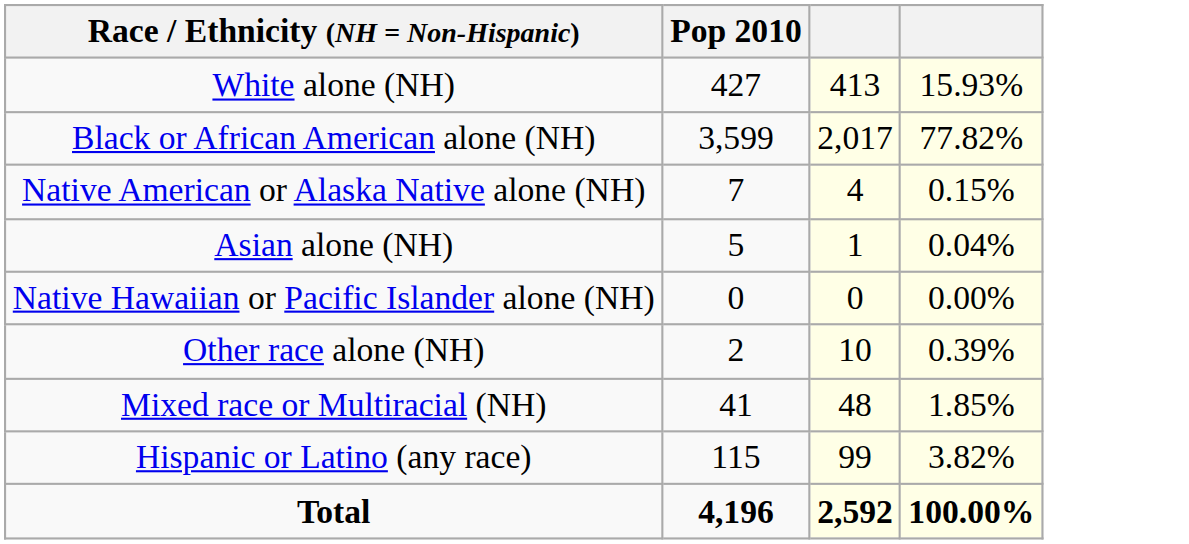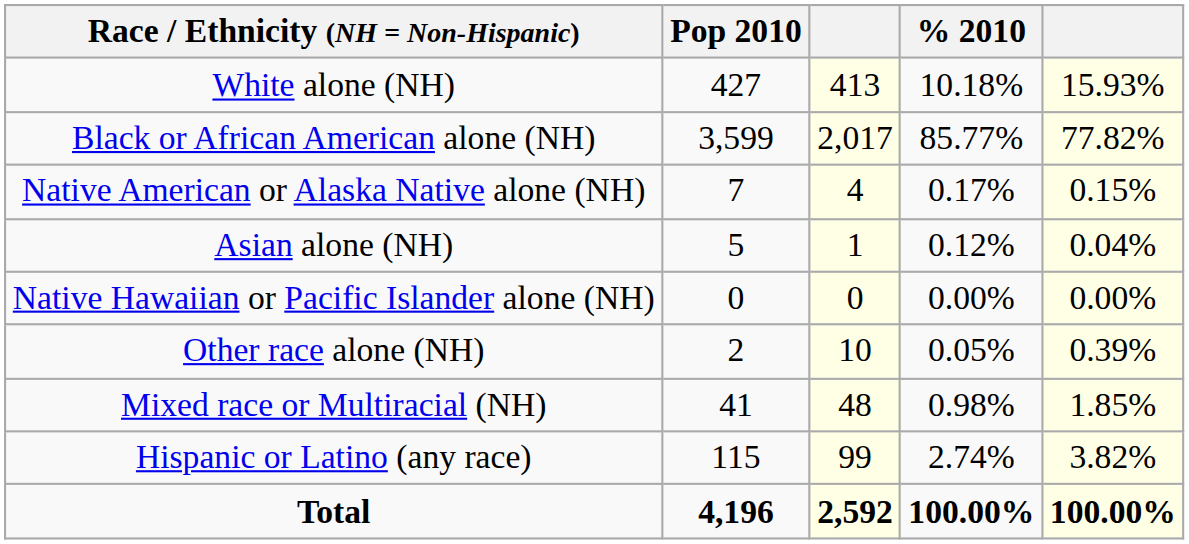 <table class="wikitable" style="text-align:center;">
 <tr>
 <th>Race / Ethnicity <small>(<em>NH = Non-Hispanic</em>)</small></th>
 <th>Pop 2010</th>
 <th></th>
+<th>% 2010</th>
 <th></th>
 </tr>
 <tr>
 <td><a href='#'>White</a> alone (NH)</td>
 <td>427</td>
 <td style='background: #ffffe6;'>413</td>
+<td>10.18%</td>
 <td style='background: #ffffe6;'>15.93%</td>
 </tr>
 <tr>
 <td><a href='#'>Black or African American</a> alone (NH)</td>
 <td>3,599</td>
 <td style='background: #ffffe6;'>2,017</td>
+<td>85.77%</td>
 <td style='background: #ffffe6;'>77.82%</td>
 </tr>
 <tr>
 <td><a href='#'>Native American</a> or <a href='#'>Alaska Native</a> alone (NH)</td>
 <td>7</td>
 <td style='background: #ffffe6;'>4</td>
+<td>0.17%</td>
 <td style='background: #ffffe6;'>0.15%</td>
 </tr>
 <tr>
 <td><a href='#'>Asian</a> alone (NH)</td>
 <td>5</td>
 <td style='background: #ffffe6;'>1</td>
+<td>0.12%</td>
 <td style='background: #ffffe6;'>0.04%</td>
 </tr>
 <tr>
 <td><a href='#'>Native Hawaiian</a> or <a href='#'>Pacific Islander</a> alone (NH)</td>
 <td>0</td>
 <td style='background: #ffffe6;'>0</td>
+<td>0.00%</td>
 <td style='background: #ffffe6;'>0.00%</td>
 </tr>
 <tr>
 <td><a href='#'>Other race</a> alone (NH)</td>
 <td>2</td>
 <td style='background: #ffffe6;'>10</td>
+<td>0.05%</td>
 <td style='background: #ffffe6;'>0.39%</td>
 </tr>
 <tr>
 <td><a href='#'>Mixed race or Multiracial</a> (NH)</td>
 <td>41</td>
 <td style='background: #ffffe6;'>48</td>
+<td>0.98%</td>
 <td style='background: #ffffe6;'>1.85%</td>
 </tr>
 <tr>
 <td><a href='#'>Hispanic or Latino</a> (any race)</td>
 <td>115</td>
 <td style='background: #ffffe6;'>99</td>
+<td>2.74%</td>
 <td style='background: #ffffe6;'>3.82%</td>
 </tr>
 <tr>
 <td><strong>Total</strong></td>
 <td><strong>4,196</strong></td>
 <td style='background: #ffffe6;'><strong>2,592</strong></td>
+<td><strong>100.00%</strong></td>
 <td style='background: #ffffe6;'><strong>100.00%</strong></td>
 </tr>
 </table>
